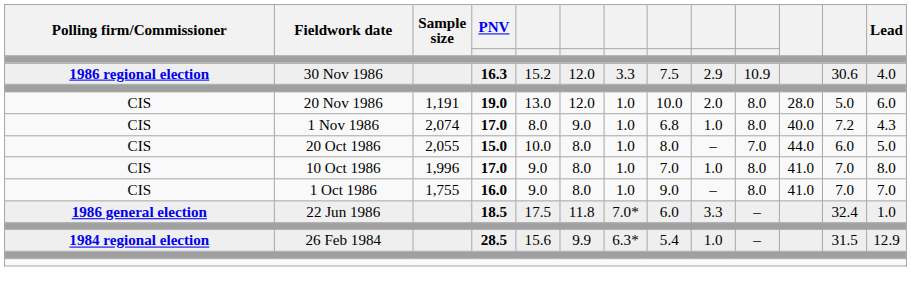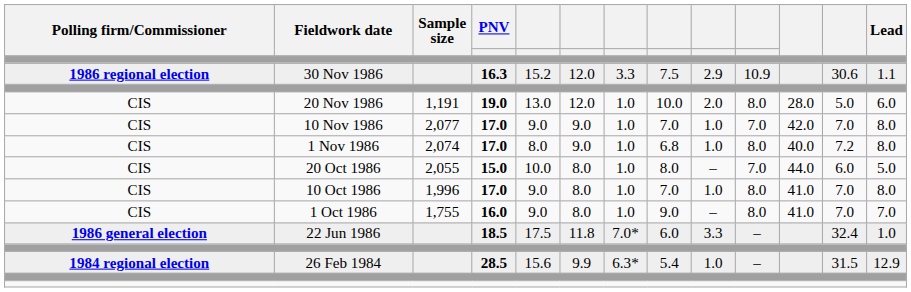 <table class="wikitable collapsible collapsed" style="text-align:center; font-size:90%; line-height:14px;">
 <tr style="height:42px;">
 <th style="width:250px;" rowspan="2">Polling firm/Commissioner</th>
 <th style="width:125px;" rowspan="2">Fieldwork date</th>
 <th style="width:50px;" rowspan="2">Sample size</th>
 <th style="width:35px;"><a href='#'>PNV</a></th>
 <th style="width:35px;"></th>
 <th style="width:35px;"></th>
 <th style="width:35px;"></th>
 <th style="width:35px;"></th>
 <th style="width:35px;"></th>
 <th style="width:35px;"></th>
 <th style="width:35px;" rowspan="2"></th>
 <th style="width:35px;" rowspan="2"></th>
 <th style="width:30px;" rowspan="2">Lead</th>
 </tr>
 <tr>
 <th style="color:inherit;background:"></th>
 <th style="color:inherit;background:"></th>
 <th style="color:inherit;background:"></th>
 <th style="color:inherit;background:"></th>
 <th style="color:inherit;background:"></th>
 <th style="color:inherit;background:"></th>
 <th style="color:inherit;background:"></th>
 </tr>
 <tr>
 <td colspan="13" style="background:#A0A0A0"></td>
 </tr>
 <tr style="background:#EFEFEF;">
 <td><strong><a href='#'>1986 regional election</a></strong></td>
 <td>30 Nov 1986</td>
 <td></td>
 <td><strong>16.3</strong></td>
 <td>15.2</td>
 <td>12.0</td>
 <td>3.3</td>
 <td>7.5</td>
 <td>2.9</td>
 <td>10.9</td>
 <td></td>
 <td>30.6</td>
-<td style="background:">4.0</td>
+<td style="background:">1.1</td>
 </tr>
 <tr>
 <td colspan="13" style="background:#A0A0A0"></td>
 </tr>
 <tr>
 <td>CIS</td>
 <td>20 Nov 1986</td>
 <td>1,191</td>
 <td><strong>19.0</strong></td>
 <td>13.0</td>
 <td>12.0</td>
 <td>1.0</td>
 <td>10.0</td>
 <td>2.0</td>
 <td>8.0</td>
 <td>28.0</td>
 <td>5.0</td>
 <td style="background:">6.0</td>
 </tr>
 <tr>
 <td>CIS</td>
+<td>10 Nov 1986</td>
+<td>2,077</td>
+<td><strong>17.0</strong></td>
+<td>9.0</td>
+<td>9.0</td>
+<td>1.0</td>
+<td>7.0</td>
+<td>1.0</td>
+<td>7.0</td>
+<td>42.0</td>
+<td>7.0</td>
+<td style="background:">8.0</td>
+</tr>
+<tr>
+<td>CIS</td>
 <td>1 Nov 1986</td>
 <td>2,074</td>
 <td><strong>17.0</strong></td>
 <td>8.0</td>
 <td>9.0</td>
 <td>1.0</td>
 <td>6.8</td>
 <td>1.0</td>
 <td>8.0</td>
 <td>40.0</td>
 <td>7.2</td>
-<td style="background:">4.3</td>
+<td style="background:">8.0</td>
 </tr>
 <tr>
 <td>CIS</td>
 <td>20 Oct 1986</td>
 <td>2,055</td>
 <td><strong>15.0</strong></td>
 <td>10.0</td>
 <td>8.0</td>
 <td>1.0</td>
 <td>8.0</td>
 <td>–</td>
 <td>7.0</td>
 <td>44.0</td>
 <td>6.0</td>
 <td style="background:">5.0</td>
 </tr>
 <tr>
 <td>CIS</td>
 <td>10 Oct 1986</td>
 <td>1,996</td>
 <td><strong>17.0</strong></td>
 <td>9.0</td>
 <td>8.0</td>
 <td>1.0</td>
 <td>7.0</td>
 <td>1.0</td>
 <td>8.0</td>
 <td>41.0</td>
 <td>7.0</td>
 <td style="background:">8.0</td>
 </tr>
 <tr>
 <td>CIS</td>
 <td>1 Oct 1986</td>
 <td>1,755</td>
 <td><strong>16.0</strong></td>
 <td>9.0</td>
 <td>8.0</td>
 <td>1.0</td>
 <td>9.0</td>
 <td>–</td>
 <td>8.0</td>
 <td>41.0</td>
 <td>7.0</td>
 <td style="background:">7.0</td>
 </tr>
 <tr style="background:#EFEFEF;">
 <td><strong><a href='#'>1986 general election</a></strong></td>
 <td>22 Jun 1986</td>
 <td></td>
 <td><strong>18.5</strong></td>
 <td>17.5</td>
 <td>11.8</td>
 <td>7.0*</td>
 <td>6.0</td>
 <td>3.3</td>
 <td>–</td>
 <td></td>
 <td>32.4</td>
 <td style="background:">1.0</td>
 </tr>
 <tr>
 <td colspan="13" style="background:#A0A0A0"></td>
 </tr>
 <tr style="background:#EFEFEF;">
 <td><strong><a href='#'>1984 regional election</a></strong></td>
 <td>26 Feb 1984</td>
 <td></td>
 <td><strong>28.5</strong></td>
 <td>15.6</td>
 <td>9.9</td>
 <td>6.3*</td>
 <td>5.4</td>
 <td>1.0</td>
 <td>–</td>
 <td></td>
 <td>31.5</td>
 <td style="background:">12.9</td>
 </tr>
 <tr>
 <td colspan="13" style="background:#A0A0A0"></td>
 </tr>
 <tr>
 <td align="left" colspan="13"></td>
 </tr>
 </table>
